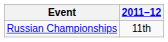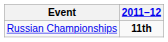 <table class="wikitable" style="text-align:center">
 <tr>
 <th>Event</th>
 <th><a href='#'>2011–12</a></th>
 </tr>
 <tr>
 <td align=left><a href='#'>Russian Championships</a></td>
-<td>11th</td>
+<td><strong>11th</strong></td>
 </tr>
 </table>
